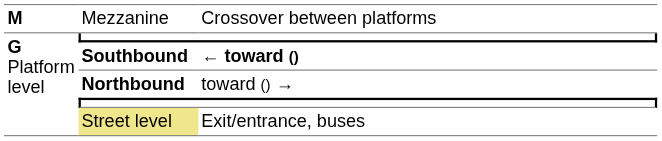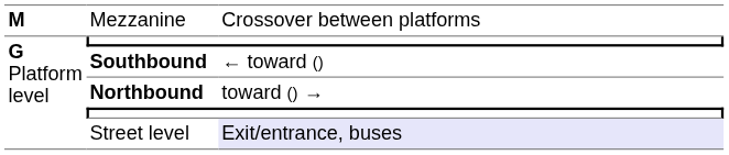 <table border=0 cellspacing=0 cellpadding=3>
 <tr>
 <td style="border-top:solid 1px gray;border-bottom:solid 1px gray;" width=50><strong>M</strong></td>
 <td style="border-top:solid 1px gray;border-bottom:solid 1px gray;" width=100>Mezzanine</td>
 <td style="border-top:solid 1px gray;border-bottom:solid 1px gray;" width=400>Crossover between platforms</td>
 </tr>
 <tr>
 <td style="border-bottom:solid 1px gray;" rowspan=5 valign=top><strong>G</strong><br>Platform level</td>
 <td style="border-right:solid 2px black;border-left:solid 2px black;border-bottom:solid 2px black;text-align:center;" colspan=2></td>
 </tr>
 <tr>
 <td><span><strong>Southbound</strong></span></td>
-<td><strong>←  toward  <small>()</small><br></strong></td>
+<td>←  toward  <small>()</small><br></td>
 </tr>
 <tr>
 <td style="border-top:solid 1px gray;"><span><strong>Northbound</strong></span></td>
 <td style="border-top:solid 1px gray;">  toward  <small>()</small> →<br></td>
 </tr>
 <tr>
 <td style="border-bottom:solid 1px gray;border-right:solid 2px black;border-left:solid 2px black;border-top:solid 2px black;text-align:center;" colspan=2></td>
 </tr>
 <tr>
-<td style="background: khaki; border-bottom:solid 1px gray;">Street level</td>
-<td style="border-bottom:solid 1px gray;">Exit/entrance, buses<br></td>
+<td style="border-bottom:solid 1px gray;">Street level</td>
+<td style="background: lavender; border-bottom:solid 1px gray;">Exit/entrance, buses<br></td>
 </tr>
 </table>
